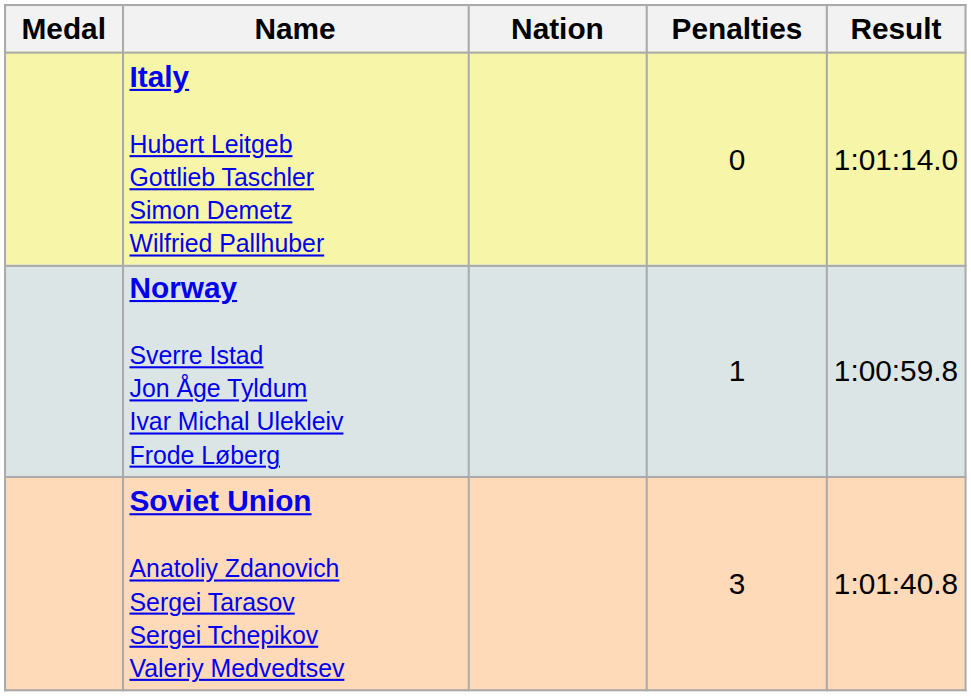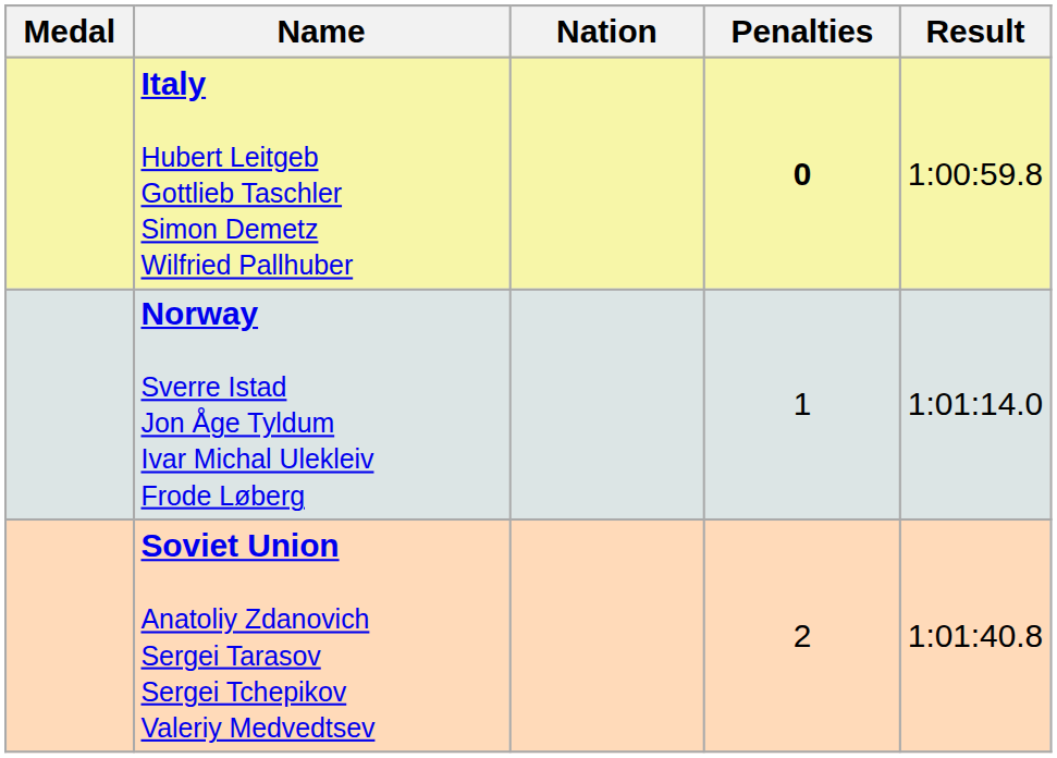 <table class=wikitable style="border:1px solid #AAAAAA;font-size:90%">
 <tr bgcolor="#E4E4E4">
 <th style="border-bottom:1px solid #AAAAAA" width=50>Medal</th>
 <th style="border-bottom:1px solid #AAAAAA" width=160>Name</th>
 <th style="border-bottom:1px solid #AAAAAA" width=80>Nation</th>
 <th style="border-bottom:1px solid #AAAAAA" width=80>Penalties</th>
 <th style="border-bottom:1px solid #AAAAAA" width=60>Result</th>
 </tr>
 <tr bgcolor="#F7F6A8">
 <td align="center"></td>
 <td><strong><a href='#'>Italy</a></strong><br><br><small><a href='#'>Hubert Leitgeb</a><br><a href='#'>Gottlieb Taschler</a><br><a href='#'>Simon Demetz</a><br><a href='#'>Wilfried Pallhuber</a></small></td>
 <td></td>
-<td align="center">0</td>
-<td align="right">1:01:14.0</td>
+<td align="center"><strong>0</strong></td>
+<td align="center">1:00:59.8</td>
 </tr>
 <tr bgcolor="#DCE5E5">
 <td align="center"></td>
 <td><strong><a href='#'>Norway</a></strong><br><br><small><a href='#'>Sverre Istad</a><br><a href='#'>Jon Åge Tyldum</a><br><a href='#'>Ivar Michal Ulekleiv</a><br><a href='#'>Frode Løberg</a></small></td>
 <td></td>
 <td align="center">1</td>
-<td align="center">1:00:59.8</td>
+<td align="right">1:01:14.0</td>
 </tr>
 <tr bgcolor="#FFDAB9">
 <td align="center"></td>
 <td><strong><a href='#'>Soviet Union</a></strong><br><br><small><a href='#'>Anatoliy Zdanovich</a><br><a href='#'>Sergei Tarasov</a><br><a href='#'>Sergei Tchepikov</a><br><a href='#'>Valeriy Medvedtsev</a></small></td>
 <td></td>
-<td align="center">3</td>
+<td align="center">2</td>
 <td align="right">1:01:40.8</td>
 </tr>
 </table>
